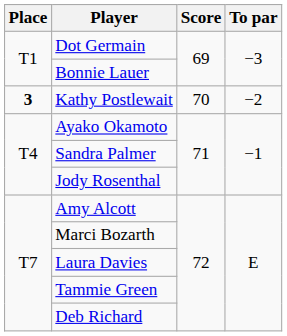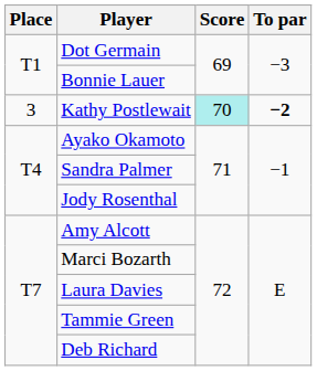 <table class="wikitable">
 <tr>
 <th>Place</th>
 <th>Player</th>
 <th>Score</th>
 <th>To par</th>
 </tr>
 <tr>
 <td rowspan=2 align=center>T1</td>
 <td> <a href='#'>Dot Germain</a></td>
 <td rowspan=2 align=center>69</td>
 <td rowspan=2 align=center>−3</td>
 </tr>
 <tr>
 <td> <a href='#'>Bonnie Lauer</a></td>
 </tr>
 <tr>
-<td align=center><strong>3</strong></td>
+<td align=center>3</td>
 <td> <a href='#'>Kathy Postlewait</a></td>
-<td align=center>70</td>
-<td align=center>−2</td>
+<td align=center style="background: paleturquoise;">70</td>
+<td align=center><strong>−2</strong></td>
 </tr>
 <tr>
 <td rowspan=3 align=center>T4</td>
 <td> <a href='#'>Ayako Okamoto</a></td>
 <td rowspan=3 align=center>71</td>
 <td rowspan=3 align=center>−1</td>
 </tr>
 <tr>
 <td> <a href='#'>Sandra Palmer</a></td>
 </tr>
 <tr>
 <td> <a href='#'>Jody Rosenthal</a></td>
 </tr>
 <tr>
 <td rowspan=5 align=center>T7</td>
 <td> <a href='#'>Amy Alcott</a></td>
 <td rowspan=5 align=center>72</td>
 <td rowspan=5 align=center>E</td>
 </tr>
 <tr>
 <td> Marci Bozarth</td>
 </tr>
 <tr>
 <td> <a href='#'>Laura Davies</a></td>
 </tr>
 <tr>
 <td> <a href='#'>Tammie Green</a></td>
 </tr>
 <tr>
 <td> <a href='#'>Deb Richard</a></td>
 </tr>
 </table>
